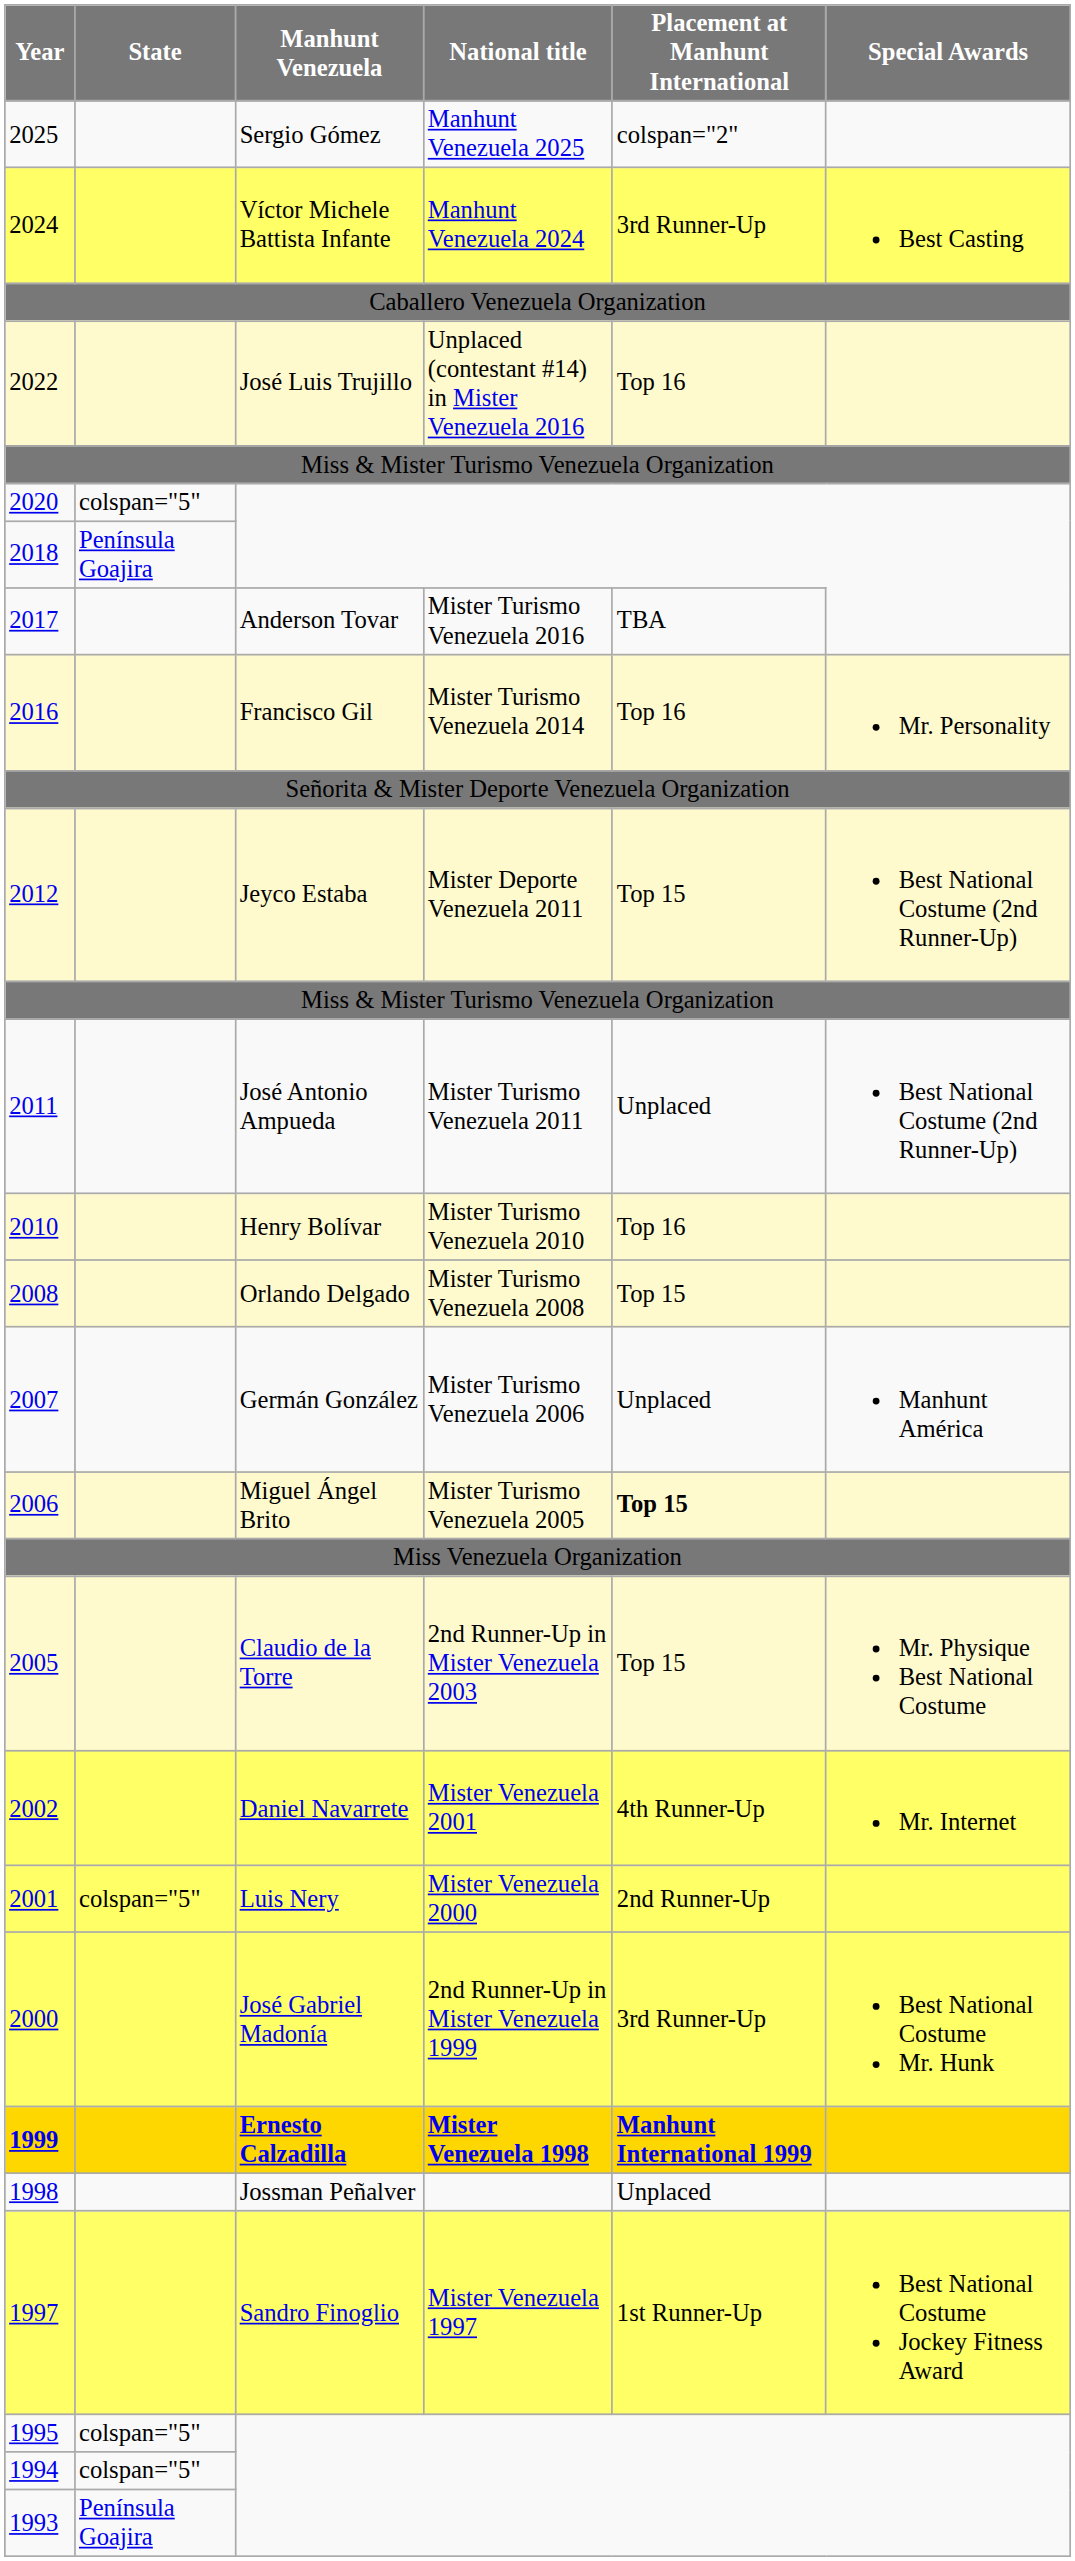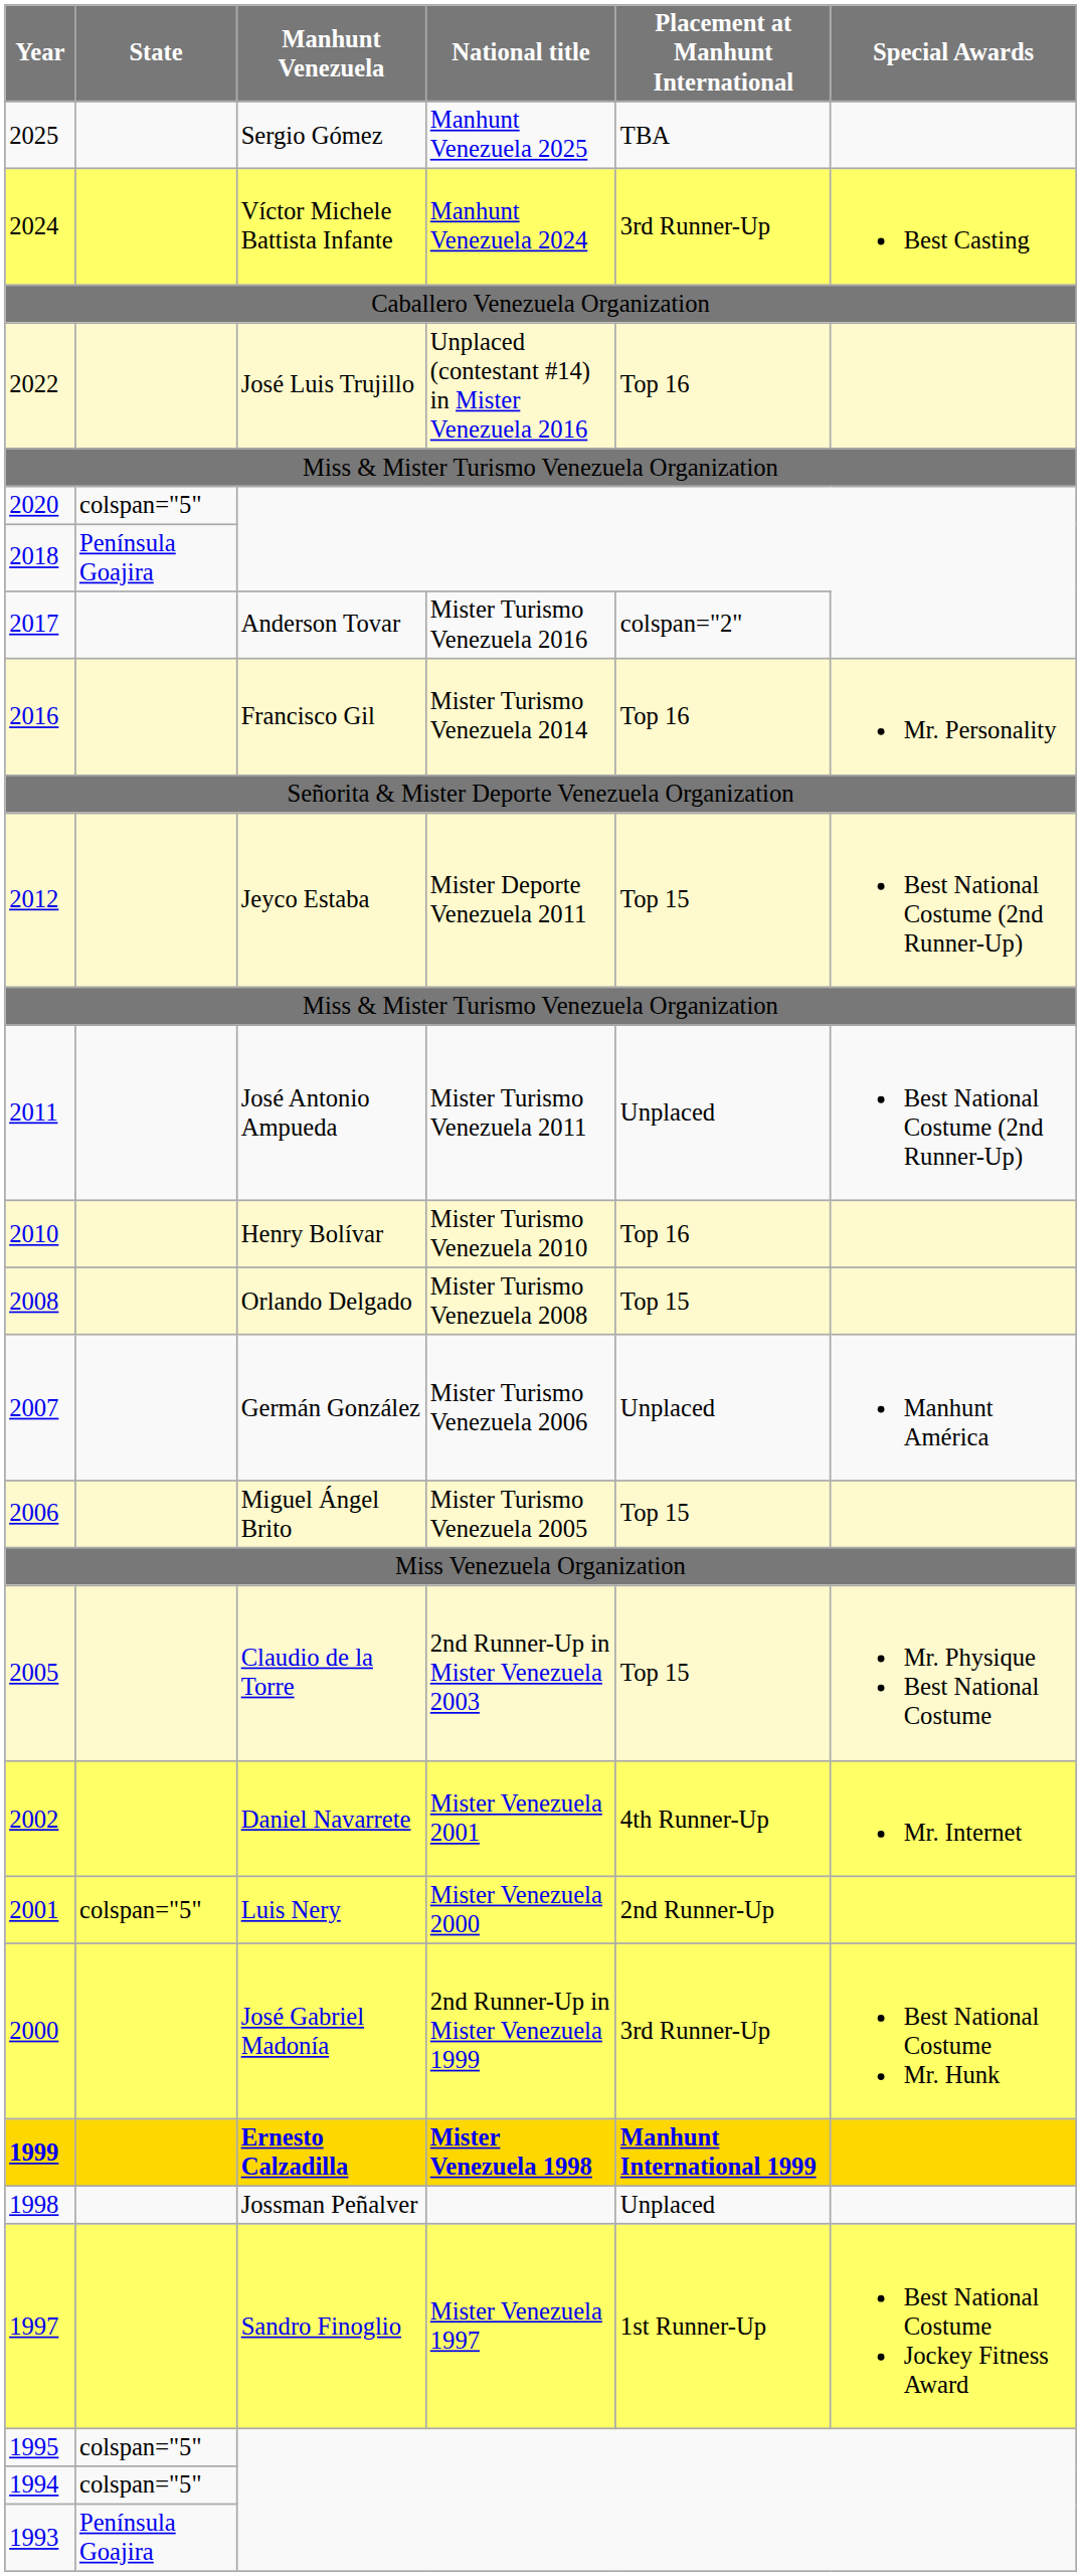 <table class="sortable" border="5" cellpadding="2" cellspacing="0" align=" 0 1em 0 0" style="background: #f9f9f9; border: 1px #aaa solid; border-collapse: collapse; font-size: 90%">
 <tr>
 <th width="60" style="background-color:#787878;color:#FFFFFF;">Year</th>
 <th width="150" style="background-color:#787878;color:#FFFFFF;">State</th>
 <th width="250" style="background-color:#787878;color:#FFFFFF;"><strong>Manhunt</strong> Venezuela</th>
 <th width="250" style="background-color:#787878;color:#FFFFFF;">National title</th>
 <th width="250" style="background-color:#787878;color:#FFFFFF;">Placement at <strong>Manhunt International</strong></th>
 <th width="250" style="background-color:#787878;color:#FFFFFF;">Special Awards</th>
 </tr>
 <tr>
 <td>2025</td>
 <td></td>
 <td>Sergio Gómez</td>
 <td><a href='#'>Manhunt Venezuela 2025</a></td>
-<td>colspan="2" </td>
+<td>TBA</td>
 <td></td>
 </tr>
 <tr bgcolor="#FFFF66">
 <td>2024</td>
 <td></td>
 <td>Víctor Michele Battista Infante</td>
 <td><a href='#'>Manhunt Venezuela 2024</a></td>
 <td>3rd Runner-Up</td>
 <td><br><ul><li>Best Casting</li></ul></td>
 </tr>
 <tr bgcolor="#787878" align="center">
 <td colspan="6"><span>Caballero Venezuela Organization</span></td>
 </tr>
 <tr bgcolor="#FFFACD">
 <td>2022</td>
 <td></td>
 <td>José Luis Trujillo</td>
 <td>Unplaced (contestant #14) in <a href='#'>Mister Venezuela 2016</a></td>
 <td>Top 16</td>
 <td></td>
 </tr>
 <tr bgcolor="#787878" align="center">
 <td colspan="6"><span>Miss & Mister Turismo Venezuela Organization</span></td>
 </tr>
 <tr>
 <td><a href='#'>2020</a></td>
 <td>colspan="5" </td>
 </tr>
 <tr>
 <td><a href='#'>2018</a></td>
 <td> <a href='#'>Península Goajira</a></td>
 </tr>
 <tr>
 <td><a href='#'>2017</a></td>
 <td></td>
 <td>Anderson Tovar</td>
 <td>Mister Turismo Venezuela 2016</td>
-<td>TBA</td>
+<td>colspan="2" </td>
 </tr>
 <tr bgcolor="#FFFACD">
 <td><a href='#'>2016</a></td>
 <td></td>
 <td>Francisco Gil</td>
 <td>Mister Turismo Venezuela 2014</td>
 <td>Top 16</td>
 <td><br><ul><li>Mr. Personality</li></ul></td>
 </tr>
 <tr bgcolor="#787878" align="center">
 <td colspan="6"><span>Señorita & Mister Deporte Venezuela Organization</span></td>
 </tr>
 <tr bgcolor="#FFFACD">
 <td><a href='#'>2012</a></td>
 <td></td>
 <td>Jeyco Estaba</td>
 <td>Mister Deporte Venezuela 2011</td>
 <td>Top 15</td>
 <td><br><ul><li>Best National Costume (2nd Runner-Up)</li></ul></td>
 </tr>
 <tr bgcolor="#787878" align="center">
 <td colspan="6"><span>Miss & Mister Turismo Venezuela Organization</span></td>
 </tr>
 <tr>
 <td><a href='#'>2011</a></td>
 <td></td>
 <td>José Antonio Ampueda</td>
 <td>Mister Turismo Venezuela 2011</td>
 <td>Unplaced</td>
 <td><br><ul><li>Best National Costume (2nd Runner-Up)</li></ul></td>
 </tr>
 <tr bgcolor="#FFFACD">
 <td><a href='#'>2010</a></td>
 <td></td>
 <td>Henry Bolívar</td>
 <td>Mister Turismo Venezuela 2010</td>
 <td>Top 16</td>
 <td></td>
 </tr>
 <tr bgcolor="#FFFACD">
 <td><a href='#'>2008</a></td>
 <td></td>
 <td>Orlando Delgado</td>
 <td>Mister Turismo Venezuela 2008</td>
 <td>Top 15</td>
 <td></td>
 </tr>
 <tr>
 <td><a href='#'>2007</a></td>
 <td></td>
 <td>Germán González</td>
 <td>Mister Turismo Venezuela 2006</td>
 <td>Unplaced</td>
 <td><br><ul><li>Manhunt América</li></ul></td>
 </tr>
 <tr bgcolor="#FFFACD">
 <td><a href='#'>2006</a></td>
 <td></td>
 <td>Miguel Ángel Brito</td>
 <td>Mister Turismo Venezuela 2005</td>
-<td><strong>Top 15</strong></td>
+<td>Top 15</td>
 <td></td>
 </tr>
 <tr bgcolor="#787878" align="center">
 <td colspan="6"><span>Miss Venezuela Organization</span></td>
 </tr>
 <tr style="background-color:#FFFACD;">
 <td><a href='#'>2005</a></td>
 <td></td>
 <td><a href='#'>Claudio de la Torre</a></td>
 <td>2nd Runner-Up in <a href='#'>Mister Venezuela 2003</a></td>
 <td>Top 15</td>
 <td><br><ul><li>Mr. Physique</li><li>Best National Costume</li></ul></td>
 </tr>
 <tr bgcolor="#FFFF66">
 <td><a href='#'>2002</a></td>
 <td></td>
 <td><a href='#'>Daniel Navarrete</a></td>
 <td><a href='#'>Mister Venezuela 2001</a></td>
 <td>4th Runner-Up</td>
 <td><br><ul><li>Mr. Internet</li></ul></td>
 </tr>
 <tr bgcolor="#FFFF66">
 <td><a href='#'>2001</a></td>
 <td>colspan="5" </td>
 <td><a href='#'>Luis Nery</a></td>
 <td><a href='#'>Mister Venezuela 2000</a></td>
 <td>2nd Runner-Up</td>
 <td></td>
 </tr>
 <tr bgcolor="#FFFF66">
 <td><a href='#'>2000</a></td>
 <td></td>
 <td><a href='#'>José Gabriel Madonía</a></td>
 <td>2nd Runner-Up in <a href='#'>Mister Venezuela 1999</a></td>
 <td>3rd Runner-Up</td>
 <td><br><ul><li>Best National Costume</li><li>Mr. Hunk</li></ul></td>
 </tr>
 <tr style="background-color:gold; font-weight: bold ">
 <td><a href='#'>1999</a></td>
 <td></td>
 <td><a href='#'>Ernesto Calzadilla</a></td>
 <td><a href='#'>Mister Venezuela 1998</a></td>
 <td><a href='#'>Manhunt International 1999</a></td>
 <td></td>
 </tr>
 <tr>
 <td><a href='#'>1998</a></td>
 <td></td>
 <td>Jossman Peñalver</td>
 <td></td>
 <td>Unplaced</td>
 <td></td>
 </tr>
 <tr bgcolor="#FFFF66">
 <td><a href='#'>1997</a></td>
 <td></td>
 <td><a href='#'>Sandro Finoglio</a></td>
 <td><a href='#'>Mister Venezuela 1997</a></td>
 <td>1st Runner-Up</td>
 <td><br><ul><li>Best National Costume</li><li>Jockey Fitness Award</li></ul></td>
 </tr>
 <tr>
 <td><a href='#'>1995</a></td>
 <td>colspan="5" </td>
 </tr>
 <tr>
 <td><a href='#'>1994</a></td>
 <td>colspan="5" </td>
 </tr>
 <tr>
 <td><a href='#'>1993</a></td>
 <td> <a href='#'>Península Goajira</a></td>
 </tr>
 </table>
